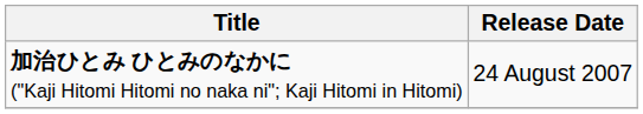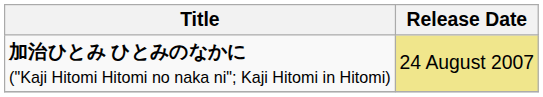 <table class="wikitable">
 <tr>
 <th>Title</th>
 <th>Release Date</th>
 </tr>
 <tr>
 <td><strong>加治ひとみ ひとみのなかに</strong> <br><small>("Kaji Hitomi Hitomi no naka ni"; Kaji Hitomi in Hitomi)</small></td>
-<td>24 August 2007</td>
+<td style="background: khaki;">24 August 2007</td>
 </tr>
 <tr>
 </tr>
 </table>
